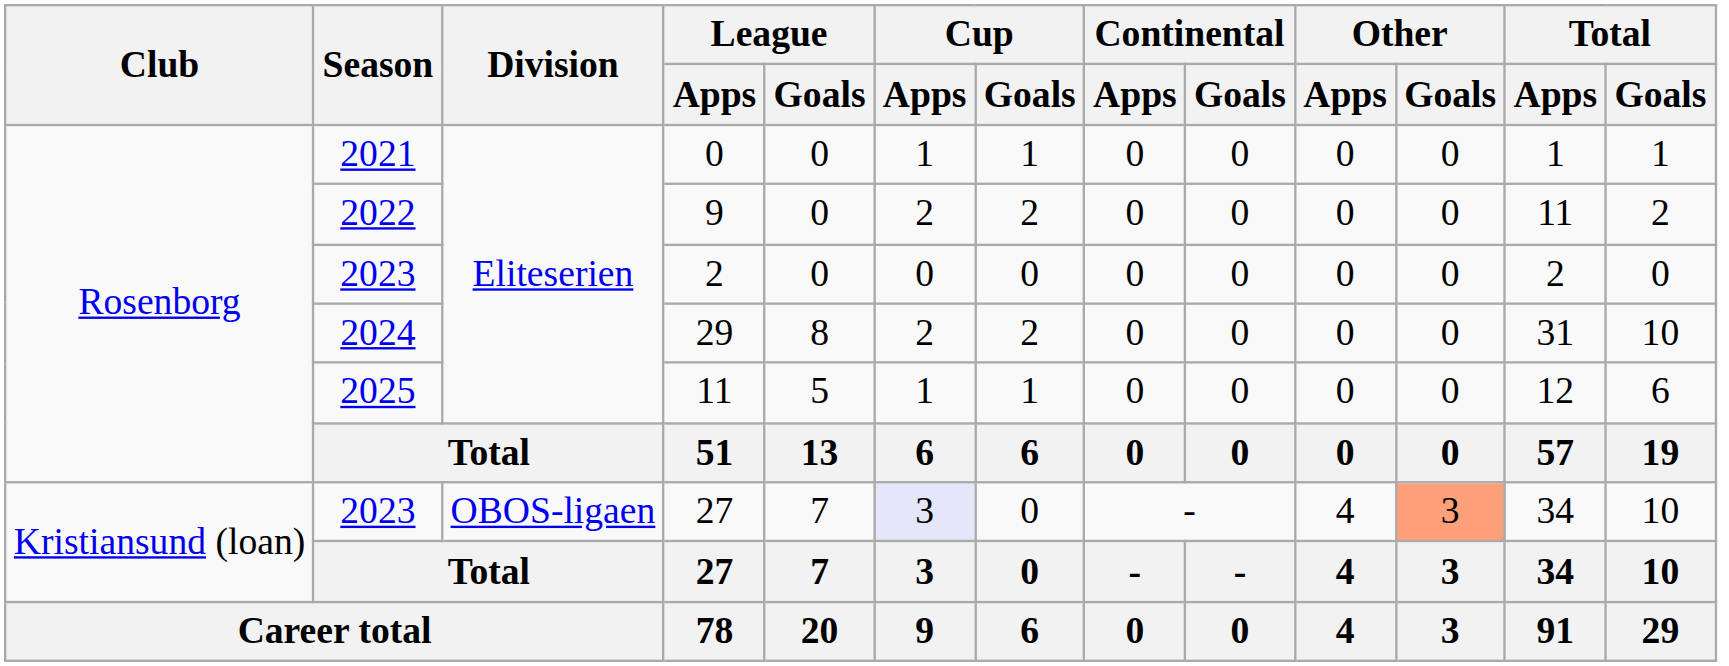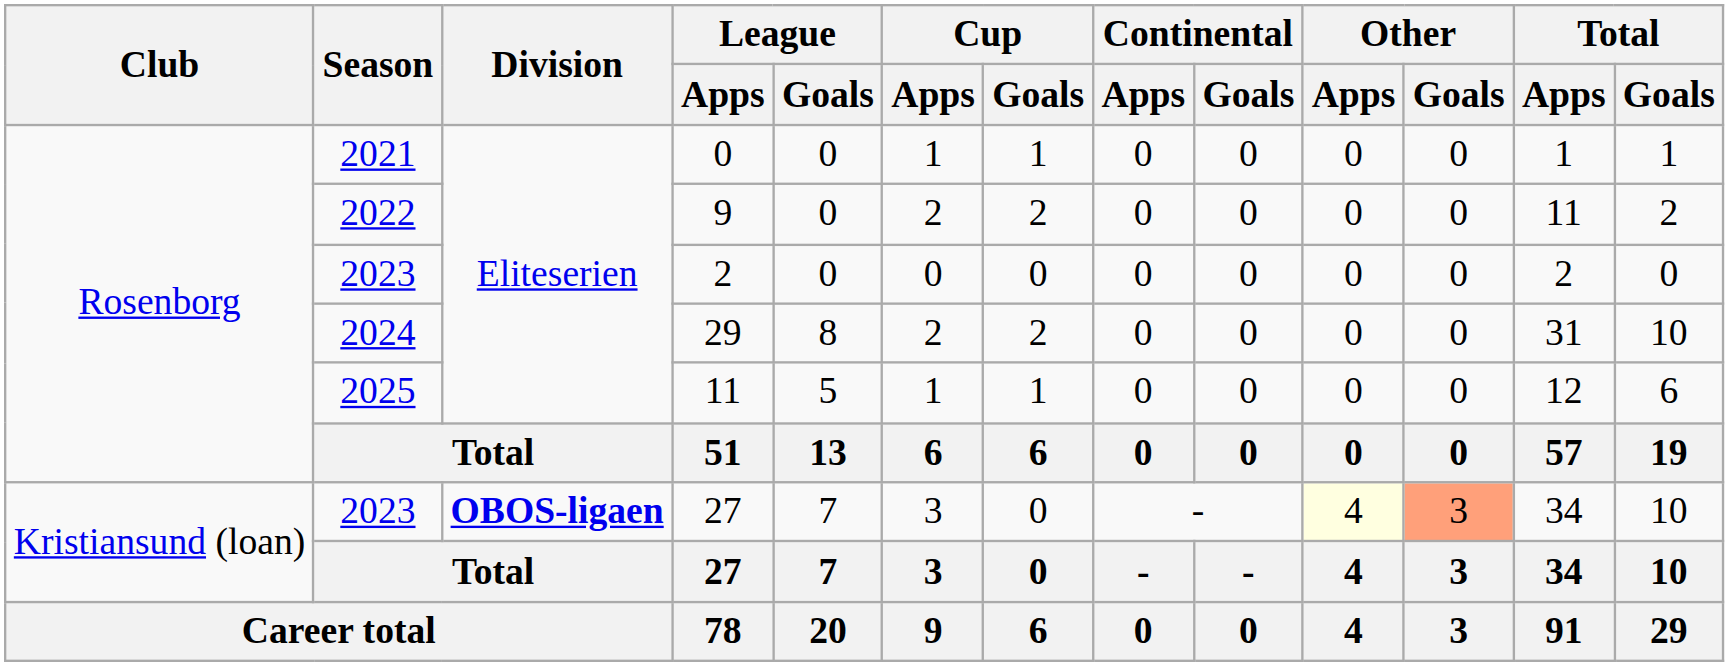 <table class="wikitable" style="text-align: center;">
 <tr>
 <th rowspan="2">Club</th>
 <th rowspan="2">Season</th>
 <th rowspan="2">Division</th>
 <th colspan="2">League</th>
 <th colspan="2">Cup</th>
 <th colspan="2">Continental</th>
 <th colspan="2">Other</th>
 <th colspan="2">Total</th>
 </tr>
 <tr>
 <th>Apps</th>
 <th>Goals</th>
 <th>Apps</th>
 <th>Goals</th>
 <th>Apps</th>
 <th>Goals</th>
 <th>Apps</th>
 <th>Goals</th>
 <th>Apps</th>
 <th>Goals</th>
 </tr>
 <tr>
 <td rowspan="6" valign="center"><a href='#'>Rosenborg</a></td>
 <td><a href='#'>2021</a></td>
 <td rowspan="5"><a href='#'>Eliteserien</a></td>
 <td>0</td>
 <td>0</td>
 <td>1</td>
 <td>1</td>
 <td>0</td>
 <td>0</td>
 <td>0</td>
 <td>0</td>
 <td>1</td>
 <td>1</td>
 </tr>
 <tr>
 <td><a href='#'>2022</a></td>
 <td>9</td>
 <td>0</td>
 <td>2</td>
 <td>2</td>
 <td>0</td>
 <td>0</td>
 <td>0</td>
 <td>0</td>
 <td>11</td>
 <td>2</td>
 </tr>
 <tr>
 <td><a href='#'>2023</a></td>
 <td>2</td>
 <td>0</td>
 <td>0</td>
 <td>0</td>
 <td>0</td>
 <td>0</td>
 <td>0</td>
 <td>0</td>
 <td>2</td>
 <td>0</td>
 </tr>
 <tr>
 <td><a href='#'>2024</a></td>
 <td>29</td>
 <td>8</td>
 <td>2</td>
 <td>2</td>
 <td>0</td>
 <td>0</td>
 <td>0</td>
 <td>0</td>
 <td>31</td>
 <td>10</td>
 </tr>
 <tr>
 <td><a href='#'>2025</a></td>
 <td>11</td>
 <td>5</td>
 <td>1</td>
 <td>1</td>
 <td>0</td>
 <td>0</td>
 <td>0</td>
 <td>0</td>
 <td>12</td>
 <td>6</td>
 </tr>
 <tr>
 <th colspan=2>Total</th>
 <th>51</th>
 <th>13</th>
 <th>6</th>
 <th>6</th>
 <th>0</th>
 <th>0</th>
 <th>0</th>
 <th>0</th>
 <th>57</th>
 <th>19</th>
 </tr>
 <tr>
 <td rowspan="2"><a href='#'>Kristiansund</a> (loan)</td>
 <td><a href='#'>2023</a></td>
-<td rowspan="1"><a href='#'>OBOS-ligaen</a></td>
+<td rowspan="1"><strong><a href='#'>OBOS-ligaen</a></strong></td>
 <td>27</td>
 <td>7</td>
-<td style="background: lavender;">3</td>
+<td>3</td>
 <td>0</td>
 <td colspan="2">-</td>
-<td>4</td>
+<td style="background: lightyellow;">4</td>
 <td style="background: lightsalmon;">3</td>
 <td>34</td>
 <td>10</td>
 </tr>
 <tr>
 <th colspan="2">Total</th>
 <th>27</th>
 <th>7</th>
 <th>3</th>
 <th>0</th>
 <th>-</th>
 <th>-</th>
 <th>4</th>
 <th>3</th>
 <th>34</th>
 <th>10</th>
 </tr>
 <tr>
 <th colspan="3">Career total</th>
 <th>78</th>
 <th>20</th>
 <th>9</th>
 <th>6</th>
 <th>0</th>
 <th>0</th>
 <th>4</th>
 <th>3</th>
 <th>91</th>
 <th>29</th>
 </tr>
 </table>
